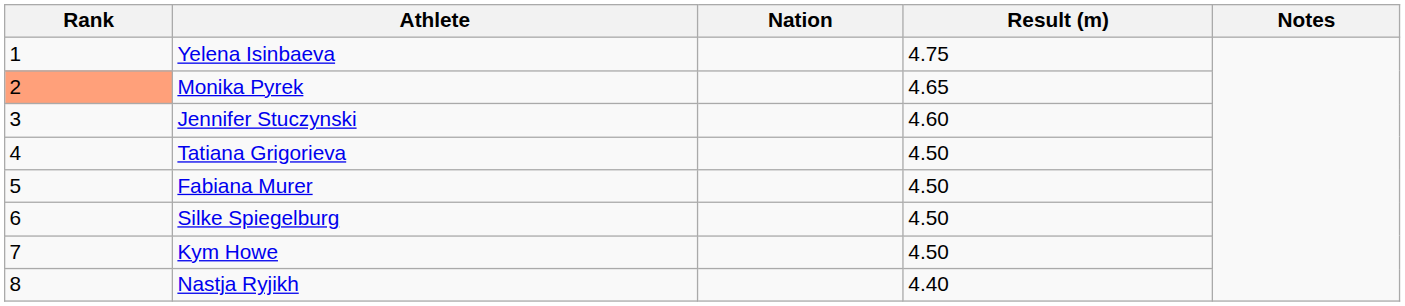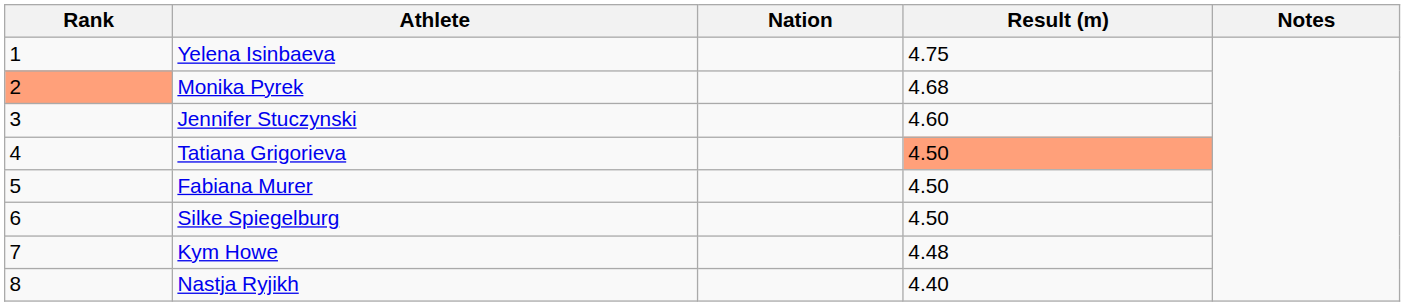 <table class="wikitable" style="text=align:center;" width=85%>
 <tr>
 <th>Rank</th>
 <th>Athlete</th>
 <th>Nation</th>
 <th>Result (m)</th>
 <th>Notes</th>
 </tr>
 <tr>
 <td>1</td>
 <td><a href='#'>Yelena Isinbaeva</a></td>
 <td></td>
 <td>4.75</td>
 </tr>
 <tr>
 <td style="background: lightsalmon;">2</td>
 <td><a href='#'>Monika Pyrek</a></td>
 <td></td>
-<td>4.65</td>
+<td>4.68</td>
 </tr>
 <tr>
 <td>3</td>
 <td><a href='#'>Jennifer Stuczynski</a></td>
 <td></td>
 <td>4.60</td>
 </tr>
 <tr>
 <td>4</td>
 <td><a href='#'>Tatiana Grigorieva</a></td>
 <td></td>
-<td>4.50</td>
+<td style="background: lightsalmon;">4.50</td>
 </tr>
 <tr>
 <td>5</td>
 <td><a href='#'>Fabiana Murer</a></td>
 <td></td>
 <td>4.50</td>
 </tr>
 <tr>
 <td>6</td>
 <td><a href='#'>Silke Spiegelburg</a></td>
 <td></td>
 <td>4.50</td>
 </tr>
 <tr>
 <td>7</td>
 <td><a href='#'>Kym Howe</a></td>
 <td></td>
-<td>4.50</td>
+<td>4.48</td>
 </tr>
 <tr>
 <td>8</td>
 <td><a href='#'>Nastja Ryjikh</a></td>
 <td></td>
 <td>4.40</td>
 </tr>
 </table>
